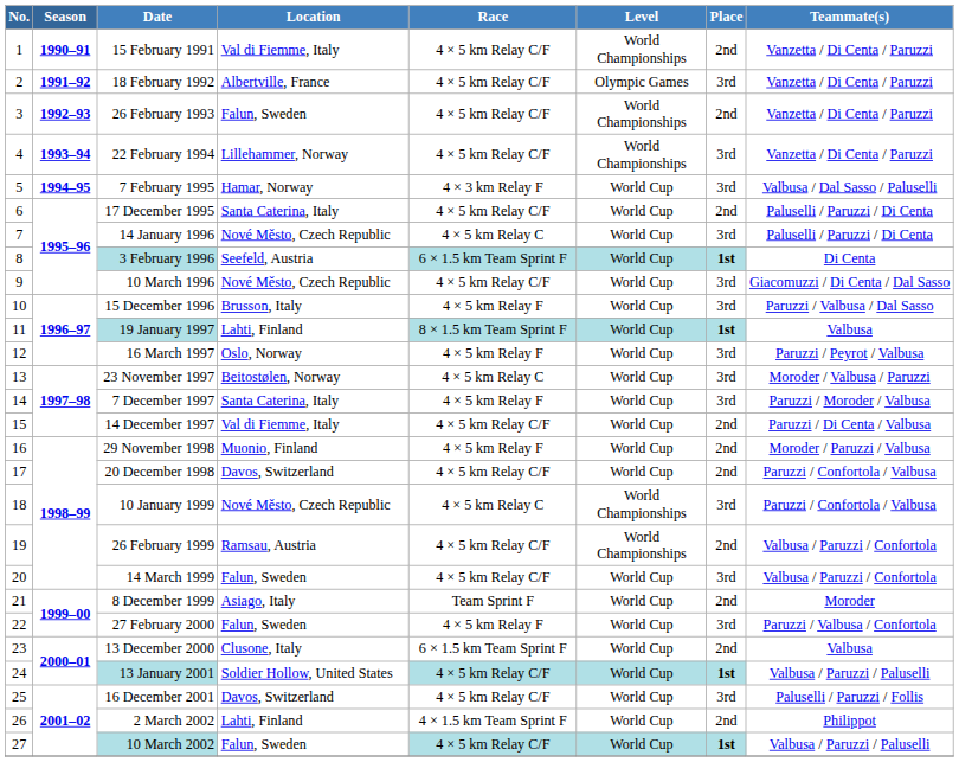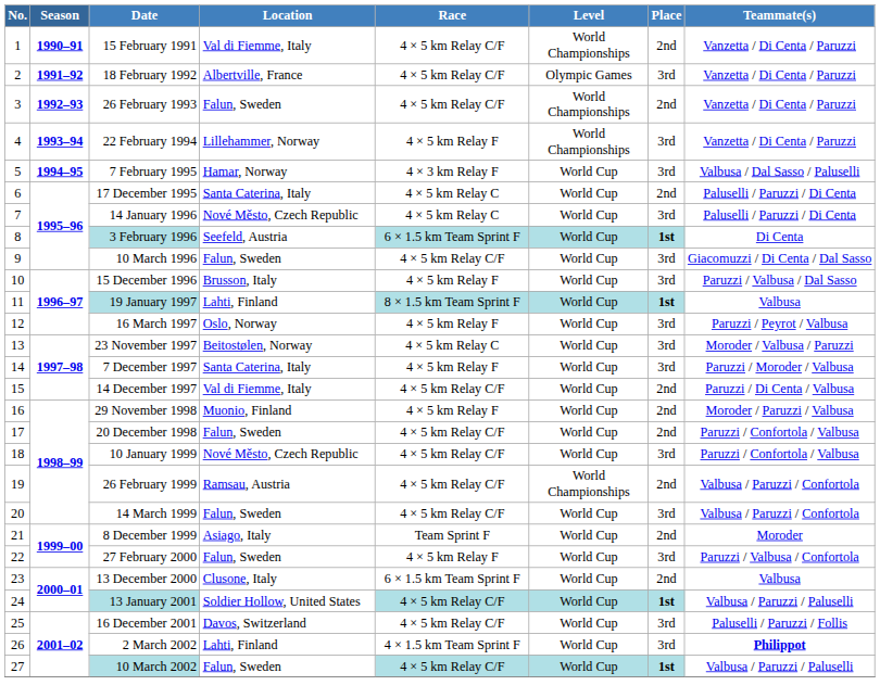 <table class="wikitable sortable" style="font-size:95%; text-align:center; border:grey solid 1px; border-collapse:collapse; background:#ffffff;">
 <tr style="background:#efefef;">
 <th style="background-color:#369; color:white;">No.</th>
 <th style="background-color:#369; color:white;">Season</th>
 <th style="background-color:#4180be; color:white; width:120px;">Date</th>
 <th style="background-color:#4180be; color:white; width:195px;">Location</th>
 <th style="background-color:#4180be; color:white; width:170px;">Race</th>
 <th style="background-color:#4180be; color:white; width:130px;">Level</th>
 <th style="background-color:#4180be; color:white;">Place</th>
 <th style="background-color:#4180be; color:white;">Teammate(s)</th>
 </tr>
 <tr>
 <td align=center>1</td>
 <td rowspan=1 align=center><strong> <a href='#'>1990–91</a> </strong></td>
 <td align=right>15 February 1991</td>
 <td align=left> <a href='#'>Val di Fiemme</a>, Italy</td>
 <td>4 × 5 km Relay C/F</td>
 <td>World Championships</td>
 <td>2nd</td>
 <td><a href='#'>Vanzetta</a> / <a href='#'>Di Centa</a> / <a href='#'>Paruzzi</a></td>
 </tr>
 <tr>
 <td align=center>2</td>
 <td rowspan=1 align=center><strong> <a href='#'>1991–92</a> </strong></td>
 <td align=right>18 February 1992</td>
 <td align=left> <a href='#'>Albertville</a>, France</td>
 <td>4 × 5 km Relay C/F</td>
 <td>Olympic Games</td>
 <td>3rd</td>
 <td><a href='#'>Vanzetta</a> / <a href='#'>Di Centa</a> / <a href='#'>Paruzzi</a></td>
 </tr>
 <tr>
 <td align=center>3</td>
 <td rowspan=1 align=center><strong> <a href='#'>1992–93</a> </strong></td>
 <td align=right>26 February 1993</td>
 <td align=left> <a href='#'>Falun</a>, Sweden</td>
 <td>4 × 5 km Relay C/F</td>
 <td>World Championships</td>
 <td>2nd</td>
 <td><a href='#'>Vanzetta</a> / <a href='#'>Di Centa</a> / <a href='#'>Paruzzi</a></td>
 </tr>
 <tr>
 <td align=center>4</td>
 <td rowspan=1 align=center><strong> <a href='#'>1993–94</a> </strong></td>
 <td align=right>22 February 1994</td>
 <td align=left> <a href='#'>Lillehammer</a>, Norway</td>
-<td>4 × 5 km Relay C/F</td>
+<td>4 × 5 km Relay F</td>
 <td>World Championships</td>
 <td>3rd</td>
 <td><a href='#'>Vanzetta</a> / <a href='#'>Di Centa</a> / <a href='#'>Paruzzi</a></td>
 </tr>
 <tr>
 <td align=center>5</td>
 <td rowspan=1 align=center><strong> <a href='#'>1994–95</a> </strong></td>
 <td align=right>7 February 1995</td>
 <td align=left> <a href='#'>Hamar</a>, Norway</td>
 <td>4 × 3 km Relay F</td>
 <td>World Cup</td>
 <td>3rd</td>
 <td><a href='#'>Valbusa</a> / <a href='#'>Dal Sasso</a> / <a href='#'>Paluselli</a></td>
 </tr>
 <tr>
 <td align=center>6</td>
 <td rowspan=4 align=center><strong> <a href='#'>1995–96</a> </strong></td>
 <td align=right>17 December 1995</td>
 <td align=left> <a href='#'>Santa Caterina</a>, Italy</td>
-<td>4 × 5 km Relay C/F</td>
+<td>4 × 5 km Relay C</td>
 <td>World Cup</td>
 <td>2nd</td>
 <td><a href='#'>Paluselli</a> / <a href='#'>Paruzzi</a> / <a href='#'>Di Centa</a></td>
 </tr>
 <tr>
 <td align=center>7</td>
 <td align=right>14 January 1996</td>
 <td align=left> <a href='#'>Nové Město</a>, Czech Republic</td>
 <td>4 × 5 km Relay C</td>
 <td>World Cup</td>
 <td>3rd</td>
 <td><a href='#'>Paluselli</a> / <a href='#'>Paruzzi</a> / <a href='#'>Di Centa</a></td>
 </tr>
 <tr>
 <td align=center>8</td>
 <td bgcolor="#BOEOE6" align=right>3 February 1996</td>
 <td align=left> <a href='#'>Seefeld</a>, Austria</td>
 <td bgcolor="#BOEOE6">6 × 1.5 km Team Sprint F</td>
 <td bgcolor="#BOEOE6">World Cup</td>
 <td bgcolor="#BOEOE6"><strong>1st</strong></td>
 <td><a href='#'>Di Centa</a></td>
 </tr>
 <tr>
 <td align=center>9</td>
 <td align=right>10 March 1996</td>
-<td align=left> <a href='#'>Nové Město</a>, Czech Republic</td>
+<td align=left> <a href='#'>Falun</a>, Sweden</td>
 <td>4 × 5 km Relay C/F</td>
 <td>World Cup</td>
 <td>3rd</td>
 <td><a href='#'>Giacomuzzi</a> / <a href='#'>Di Centa</a> / <a href='#'>Dal Sasso</a></td>
 </tr>
 <tr>
 <td align=center>10</td>
 <td rowspan=3 align=center><strong> <a href='#'>1996–97</a> </strong></td>
 <td align=right>15 December 1996</td>
 <td align=left> <a href='#'>Brusson</a>, Italy</td>
 <td>4 × 5 km Relay F</td>
 <td>World Cup</td>
 <td>3rd</td>
 <td><a href='#'>Paruzzi</a> / <a href='#'>Valbusa</a> / <a href='#'>Dal Sasso</a></td>
 </tr>
 <tr>
 <td align=center>11</td>
 <td bgcolor="#BOEOE6" align=right>19 January 1997</td>
 <td align=left> <a href='#'>Lahti</a>, Finland</td>
 <td bgcolor="#BOEOE6">8 × 1.5 km Team Sprint F</td>
 <td bgcolor="#BOEOE6">World Cup</td>
 <td bgcolor="#BOEOE6"><strong>1st</strong></td>
 <td><a href='#'>Valbusa</a></td>
 </tr>
 <tr>
 <td align=center>12</td>
 <td align=right>16 March 1997</td>
 <td align=left> <a href='#'>Oslo</a>, Norway</td>
 <td>4 × 5 km Relay F</td>
 <td>World Cup</td>
 <td>3rd</td>
 <td><a href='#'>Paruzzi</a> / <a href='#'>Peyrot</a> / <a href='#'>Valbusa</a></td>
 </tr>
 <tr>
 <td align=center>13</td>
 <td rowspan=3 align=center><strong> <a href='#'>1997–98</a> </strong></td>
 <td align=right>23 November 1997</td>
 <td align=left> <a href='#'>Beitostølen</a>, Norway</td>
 <td>4 × 5 km Relay C</td>
 <td>World Cup</td>
 <td>3rd</td>
 <td><a href='#'>Moroder</a> / <a href='#'>Valbusa</a> / <a href='#'>Paruzzi</a></td>
 </tr>
 <tr>
 <td align=center>14</td>
 <td align=right>7 December 1997</td>
 <td align=left> <a href='#'>Santa Caterina</a>, Italy</td>
 <td>4 × 5 km Relay F</td>
 <td>World Cup</td>
 <td>3rd</td>
 <td><a href='#'>Paruzzi</a> / <a href='#'>Moroder</a> / <a href='#'>Valbusa</a></td>
 </tr>
 <tr>
 <td align=center>15</td>
 <td align=right>14 December 1997</td>
 <td align=left> <a href='#'>Val di Fiemme</a>, Italy</td>
 <td>4 × 5 km Relay C/F</td>
 <td>World Cup</td>
 <td>2nd</td>
 <td><a href='#'>Paruzzi</a> / <a href='#'>Di Centa</a> / <a href='#'>Valbusa</a></td>
 </tr>
 <tr>
 <td align=center>16</td>
 <td rowspan=5 align=center><strong> <a href='#'>1998–99</a> </strong></td>
 <td align=right>29 November 1998</td>
 <td align=left> <a href='#'>Muonio</a>, Finland</td>
 <td>4 × 5 km Relay F</td>
 <td>World Cup</td>
 <td>2nd</td>
 <td><a href='#'>Moroder</a> / <a href='#'>Paruzzi</a> / <a href='#'>Valbusa</a></td>
 </tr>
 <tr>
 <td align=center>17</td>
 <td align=right>20 December 1998</td>
-<td align=left> <a href='#'>Davos</a>, Switzerland</td>
+<td align=left> <a href='#'>Falun</a>, Sweden</td>
 <td>4 × 5 km Relay C/F</td>
 <td>World Cup</td>
 <td>2nd</td>
 <td><a href='#'>Paruzzi</a> / <a href='#'>Confortola</a> / <a href='#'>Valbusa</a></td>
 </tr>
 <tr>
 <td align=center>18</td>
 <td align=right>10 January 1999</td>
 <td align=left> <a href='#'>Nové Město</a>, Czech Republic</td>
-<td>4 × 5 km Relay C</td>
-<td>World Championships</td>
+<td>4 × 5 km Relay C/F</td>
+<td>World Cup</td>
 <td>3rd</td>
 <td><a href='#'>Paruzzi</a> / <a href='#'>Confortola</a> / <a href='#'>Valbusa</a></td>
 </tr>
 <tr>
 <td align=center>19</td>
 <td align=right>26 February 1999</td>
 <td align=left> <a href='#'>Ramsau</a>, Austria</td>
 <td>4 × 5 km Relay C/F</td>
 <td>World Championships</td>
 <td>2nd</td>
 <td><a href='#'>Valbusa</a> / <a href='#'>Paruzzi</a> / <a href='#'>Confortola</a></td>
 </tr>
 <tr>
 <td align=center>20</td>
 <td align=right>14 March 1999</td>
 <td align=left> <a href='#'>Falun</a>, Sweden</td>
 <td>4 × 5 km Relay C/F</td>
 <td>World Cup</td>
 <td>3rd</td>
 <td><a href='#'>Valbusa</a> / <a href='#'>Paruzzi</a> / <a href='#'>Confortola</a></td>
 </tr>
 <tr>
 <td align=center>21</td>
 <td rowspan=2 align=center><strong> <a href='#'>1999–00</a> </strong></td>
 <td align=right>8 December 1999</td>
 <td align=left> <a href='#'>Asiago</a>, Italy</td>
 <td>Team Sprint F</td>
 <td>World Cup</td>
 <td>2nd</td>
 <td><a href='#'>Moroder</a></td>
 </tr>
 <tr>
 <td align=center>22</td>
 <td align=right>27 February 2000</td>
 <td align=left> <a href='#'>Falun</a>, Sweden</td>
 <td>4 × 5 km Relay F</td>
 <td>World Cup</td>
 <td>3rd</td>
 <td><a href='#'>Paruzzi</a> / <a href='#'>Valbusa</a> / <a href='#'>Confortola</a></td>
 </tr>
 <tr>
 <td align=center>23</td>
 <td rowspan=2 align=center><strong> <a href='#'>2000–01</a> </strong></td>
 <td align=right>13 December 2000</td>
 <td align=left> <a href='#'>Clusone</a>, Italy</td>
 <td>6 × 1.5 km Team Sprint F</td>
 <td>World Cup</td>
 <td>2nd</td>
 <td><a href='#'>Valbusa</a></td>
 </tr>
 <tr>
 <td align=center>24</td>
 <td bgcolor="#BOEOE6" align=right>13 January 2001</td>
 <td align=left> <a href='#'>Soldier Hollow</a>, United States</td>
 <td bgcolor="#BOEOE6">4 × 5 km Relay C/F</td>
 <td bgcolor="#BOEOE6">World Cup</td>
 <td bgcolor="#BOEOE6"><strong>1st</strong></td>
 <td><a href='#'>Valbusa</a> / <a href='#'>Paruzzi</a> / <a href='#'>Paluselli</a></td>
 </tr>
 <tr>
 <td align=center>25</td>
 <td rowspan=3 align=center><strong> <a href='#'>2001–02</a> </strong></td>
 <td align=right>16 December 2001</td>
 <td align=left> <a href='#'>Davos</a>, Switzerland</td>
 <td>4 × 5 km Relay C/F</td>
 <td>World Cup</td>
 <td>3rd</td>
 <td><a href='#'>Paluselli</a> / <a href='#'>Paruzzi</a> / <a href='#'>Follis</a></td>
 </tr>
 <tr>
 <td align=center>26</td>
 <td align=right>2 March 2002</td>
 <td align=left> <a href='#'>Lahti</a>, Finland</td>
 <td>4 × 1.5 km Team Sprint F</td>
 <td>World Cup</td>
-<td>2nd</td>
-<td><a href='#'>Philippot</a></td>
+<td>3rd</td>
+<td><strong><a href='#'>Philippot</a></strong></td>
 </tr>
 <tr>
 <td align=center>27</td>
 <td bgcolor="#BOEOE6" align=right>10 March 2002</td>
 <td align=left> <a href='#'>Falun</a>, Sweden</td>
 <td bgcolor="#BOEOE6">4 × 5 km Relay C/F</td>
 <td bgcolor="#BOEOE6">World Cup</td>
 <td bgcolor="#BOEOE6"><strong>1st</strong></td>
 <td><a href='#'>Valbusa</a> / <a href='#'>Paruzzi</a> / <a href='#'>Paluselli</a></td>
 </tr>
 <tr>
 </tr>
 </table>
